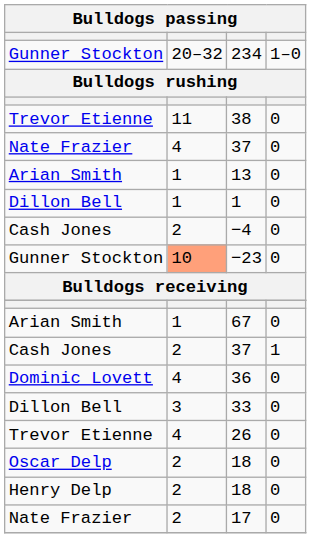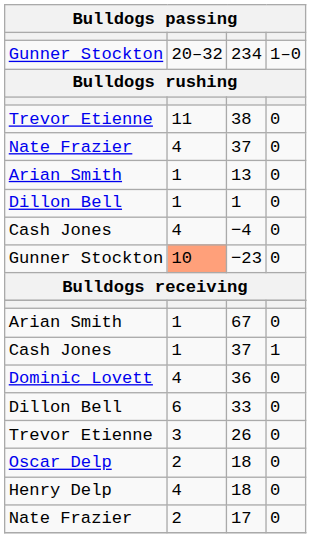 <table class="wikitable plainrowheaders">
 <tr>
 <th colspan="6">Bulldogs passing</th>
 </tr>
 <tr>
 <th scope="col"></th>
 <th scope="col"></th>
 <th scope="col"></th>
 <th scope="col"></th>
 </tr>
 <tr>
 <td><a href='#'>Gunner Stockton</a></td>
 <td>20–32</td>
 <td>234</td>
 <td>1–0</td>
 </tr>
 <tr>
 <th colspan="6">Bulldogs rushing</th>
 </tr>
 <tr>
 <th scope="col"></th>
 <th scope="col"></th>
 <th scope="col"></th>
 <th scope="col"></th>
 </tr>
 <tr>
 <td><a href='#'>Trevor Etienne</a></td>
 <td>11</td>
 <td>38</td>
 <td>0</td>
 </tr>
 <tr>
 <td><a href='#'>Nate Frazier</a></td>
 <td>4</td>
 <td>37</td>
 <td>0</td>
 </tr>
 <tr>
 <td><a href='#'>Arian Smith</a></td>
 <td>1</td>
 <td>13</td>
 <td>0</td>
 </tr>
 <tr>
 <td><a href='#'>Dillon Bell</a></td>
 <td>1</td>
 <td>1</td>
 <td>0</td>
 </tr>
 <tr>
 <td>Cash Jones</td>
-<td>2</td>
+<td>4</td>
 <td>−4</td>
 <td>0</td>
 </tr>
 <tr>
 <td>Gunner Stockton</td>
 <td style="background: lightsalmon;">10</td>
 <td>−23</td>
 <td>0</td>
 </tr>
 <tr>
 <th colspan="6">Bulldogs receiving</th>
 </tr>
 <tr>
 </tr>
 <tr>
 <th scope="col"></th>
 <th scope="col"></th>
 <th scope="col"></th>
 <th scope="col"></th>
 </tr>
 <tr>
 <td>Arian Smith</td>
 <td>1</td>
 <td>67</td>
 <td>0</td>
 </tr>
 <tr>
 <td>Cash Jones</td>
-<td>2</td>
+<td>1</td>
 <td>37</td>
 <td>1</td>
 </tr>
 <tr>
 <td><a href='#'>Dominic Lovett</a></td>
 <td>4</td>
 <td>36</td>
 <td>0</td>
 </tr>
 <tr>
 <td>Dillon Bell</td>
-<td>3</td>
+<td>6</td>
 <td>33</td>
 <td>0</td>
 </tr>
 <tr>
 <td>Trevor Etienne</td>
-<td>4</td>
+<td>3</td>
 <td>26</td>
 <td>0</td>
 </tr>
 <tr>
 <td><a href='#'>Oscar Delp</a></td>
 <td>2</td>
 <td>18</td>
 <td>0</td>
 </tr>
 <tr>
 <td>Henry Delp</td>
-<td>2</td>
+<td>4</td>
 <td>18</td>
 <td>0</td>
 </tr>
 <tr>
 <td>Nate Frazier</td>
 <td>2</td>
 <td>17</td>
 <td>0</td>
 </tr>
 <tr>
 </tr>
 </table>
